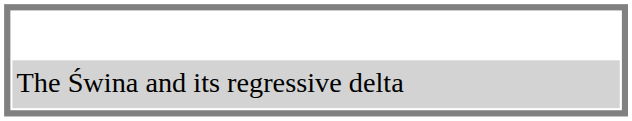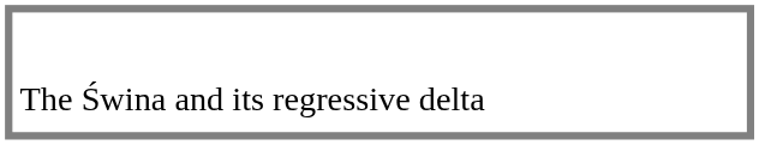 <table cellpadding="2" cellspacing="1" class="hintergrundfarbe1 rahmenfarbe1" style="float: right; width: 300px; border-style: solid; margin-bottom: 2px; margin-top: 2px; position: relative; font-size: 85%; line-height: 135%; margin-left: 1.5em; margin-bottom: 1em;">
 <tr>
 <th><br></th>
 </tr>
 <tr>
-<td style="background: lightgrey;">The Świna and its regressive delta</td>
+<td>The Świna and its regressive delta</td>
 </tr>
 </table>
